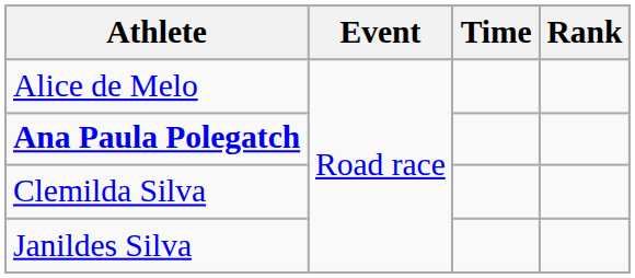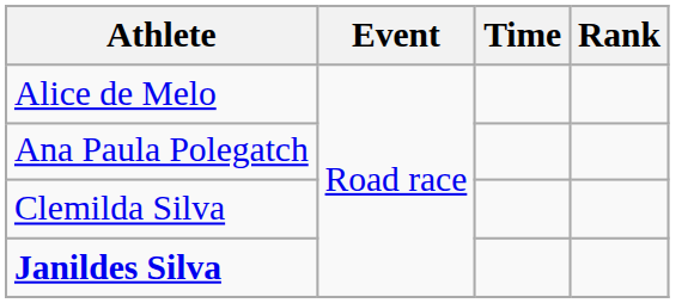 <table class="wikitable" style="font-size:90%">
 <tr>
 <th>Athlete</th>
 <th>Event</th>
 <th>Time</th>
 <th>Rank</th>
 </tr>
 <tr>
 <td><a href='#'>Alice de Melo</a></td>
 <td align=center rowspan=4><a href='#'>Road race</a></td>
 <td align=center></td>
 <td align=center></td>
 </tr>
 <tr>
-<td><strong><a href='#'>Ana Paula Polegatch</a></strong></td>
+<td><a href='#'>Ana Paula Polegatch</a></td>
 <td align=center></td>
 <td align=center></td>
 </tr>
 <tr>
 <td><a href='#'>Clemilda Silva</a></td>
 <td align=center></td>
 <td align=center></td>
 </tr>
 <tr>
-<td><a href='#'>Janildes Silva</a></td>
+<td><strong><a href='#'>Janildes Silva</a></strong></td>
 <td align=center></td>
 <td align=center></td>
 </tr>
 </table>
